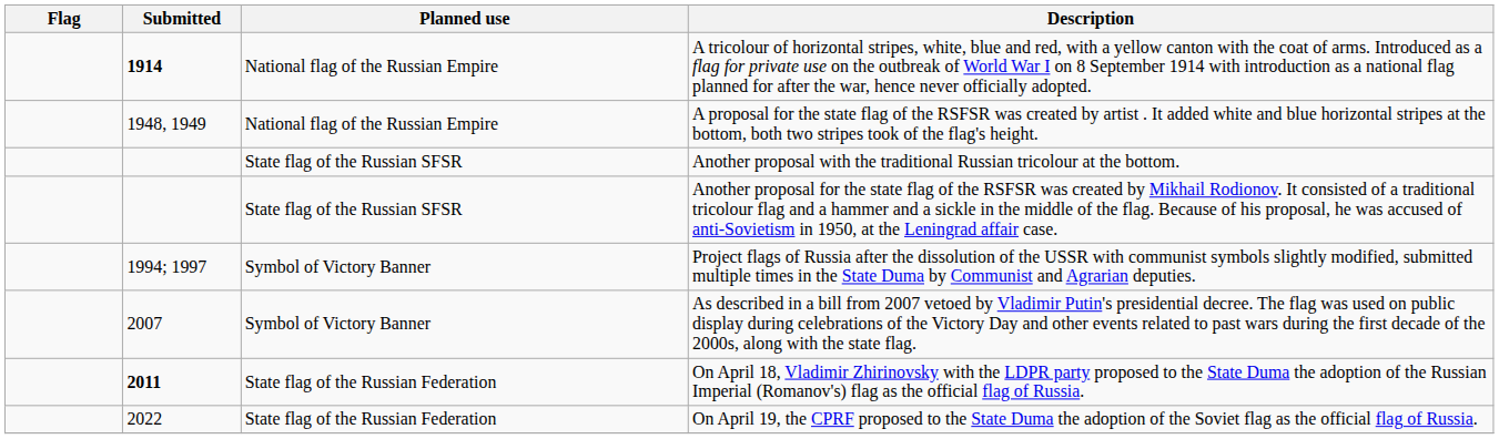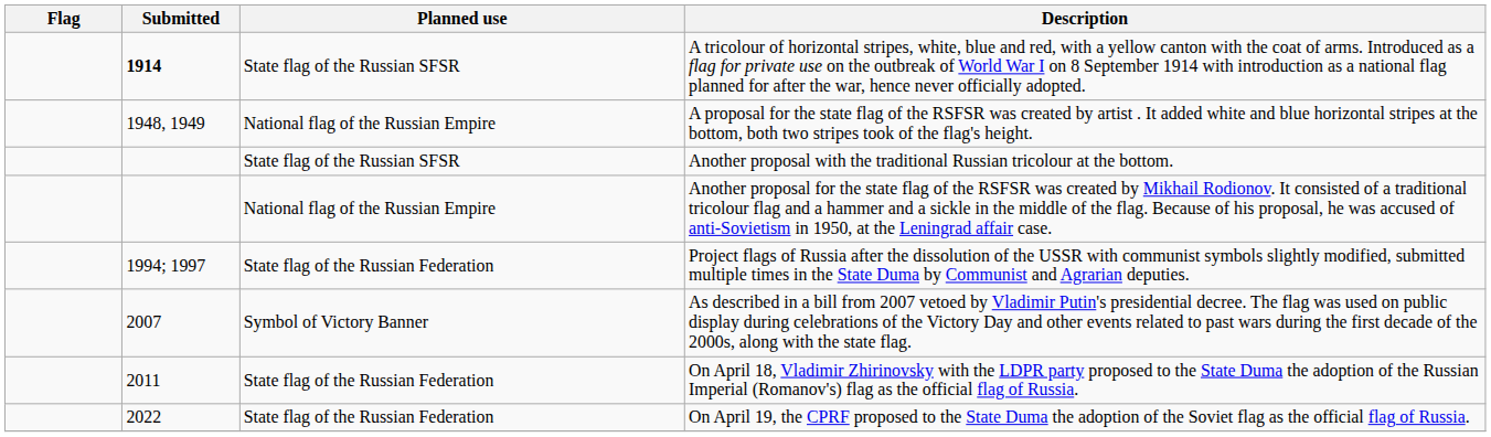 <table class="wikitable">
 <tr>
 <th width="100">Flag</th>
 <th width="100">Submitted</th>
 <th width="400">Planned use</th>
 <th width="725">Description</th>
 </tr>
 <tr>
 <td></td>
 <td><strong>1914</strong></td>
-<td>National flag of the Russian Empire</td>
+<td>State flag of the Russian SFSR</td>
 <td>A tricolour of horizontal stripes, white, blue and red, with a yellow canton with the coat of arms. Introduced as a <em>flag for private use</em> on the outbreak of <a href='#'>World War I</a> on 8 September 1914 with introduction as a national flag planned for after the war, hence never officially adopted.</td>
 </tr>
 <tr>
 <td></td>
 <td>1948, 1949</td>
 <td>National flag of the Russian Empire</td>
 <td>A proposal for the state flag of the RSFSR was created by artist . It added white and blue horizontal stripes at the bottom, both two stripes took  of the flag's height.</td>
 </tr>
 <tr>
 <td></td>
 <td></td>
 <td>State flag of the Russian SFSR</td>
 <td>Another proposal with the traditional Russian tricolour at the bottom.</td>
 </tr>
 <tr>
 <td></td>
 <td></td>
-<td>State flag of the Russian SFSR</td>
+<td>National flag of the Russian Empire</td>
 <td>Another proposal for the state flag of the RSFSR was created by <a href='#'>Mikhail Rodionov</a>. It consisted of a traditional tricolour flag and a hammer and a sickle in the middle of the flag. Because of his proposal, he was accused of <a href='#'>anti-Sovietism</a> in 1950, at the <a href='#'>Leningrad affair</a> case.</td>
 </tr>
 <tr>
 <td></td>
 <td>1994; 1997</td>
-<td> Symbol of Victory Banner</td>
+<td>State flag of the Russian Federation</td>
 <td>Project flags of Russia after the dissolution of the USSR with communist symbols slightly modified, submitted multiple times in the <a href='#'>State Duma</a> by <a href='#'>Communist</a> and <a href='#'>Agrarian</a> deputies.</td>
 </tr>
 <tr>
 <td></td>
 <td>2007</td>
 <td> Symbol of Victory Banner</td>
 <td>As described in a bill from 2007 vetoed by <a href='#'>Vladimir Putin</a>'s presidential decree. The flag was used on public display during celebrations of the Victory Day and other events related to past wars during the first decade of the 2000s, along with the state flag.</td>
 </tr>
 <tr>
 <td></td>
-<td><strong>2011</strong></td>
+<td>2011</td>
 <td>State flag of the Russian Federation</td>
 <td>On April 18, <a href='#'>Vladimir Zhirinovsky</a> with the <a href='#'>LDPR party</a> proposed to the <a href='#'>State Duma</a> the adoption of the Russian Imperial (Romanov's) flag as the official <a href='#'>flag of Russia</a>.</td>
 </tr>
 <tr>
 <td></td>
 <td>2022</td>
 <td>State flag of the Russian Federation</td>
 <td>On April 19, the <a href='#'>CPRF</a> proposed to the <a href='#'>State Duma</a> the adoption of the Soviet flag as the official <a href='#'>flag of Russia</a>.</td>
 </tr>
 <tr>
 </tr>
 </table>
